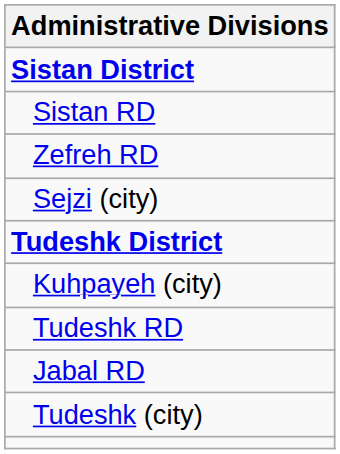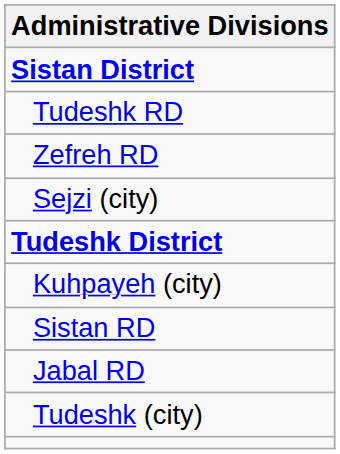 <table class="wikitable">
 <tr>
 <th>Administrative Divisions</th>
 </tr>
 <tr>
 <td><strong><a href='#'>Sistan District</a></strong></td>
 </tr>
 <tr>
-<td style="padding-left: 1em;"><a href='#'>Sistan RD</a></td>
+<td style="padding-left: 1em;"><a href='#'>Tudeshk RD</a></td>
 </tr>
 <tr>
 <td style="padding-left: 1em;"><a href='#'>Zefreh RD</a></td>
 </tr>
 <tr>
 <td style="padding-left: 1em;"><a href='#'>Sejzi</a> (city)</td>
 </tr>
 <tr>
 <td><strong><a href='#'>Tudeshk District</a></strong></td>
 </tr>
 <tr>
 <td style="padding-left: 1em;"><a href='#'>Kuhpayeh</a> (city)</td>
 </tr>
 <tr>
-<td style="padding-left: 1em;"><a href='#'>Tudeshk RD</a></td>
+<td style="padding-left: 1em;"><a href='#'>Sistan RD</a></td>
 </tr>
 <tr>
 <td style="padding-left: 1em;"><a href='#'>Jabal RD</a></td>
 </tr>
 <tr>
 <td style="padding-left: 1em;"><a href='#'>Tudeshk</a> (city)</td>
 </tr>
 <tr>
 <td colspan=1></td>
 </tr>
 </table>
